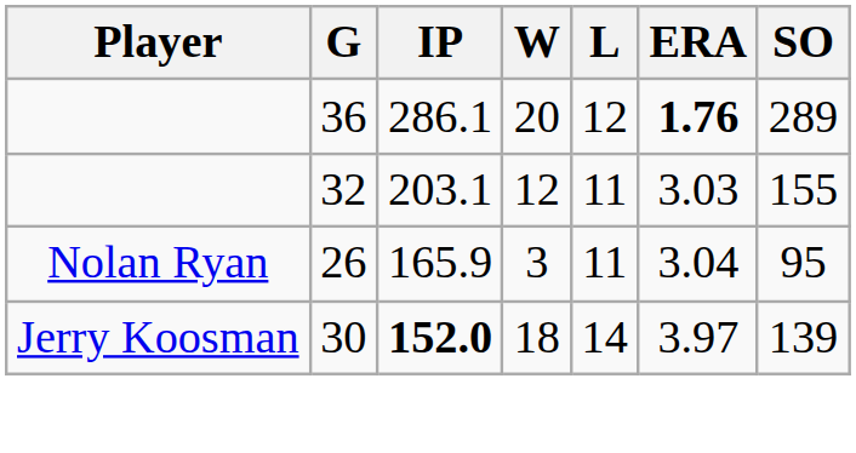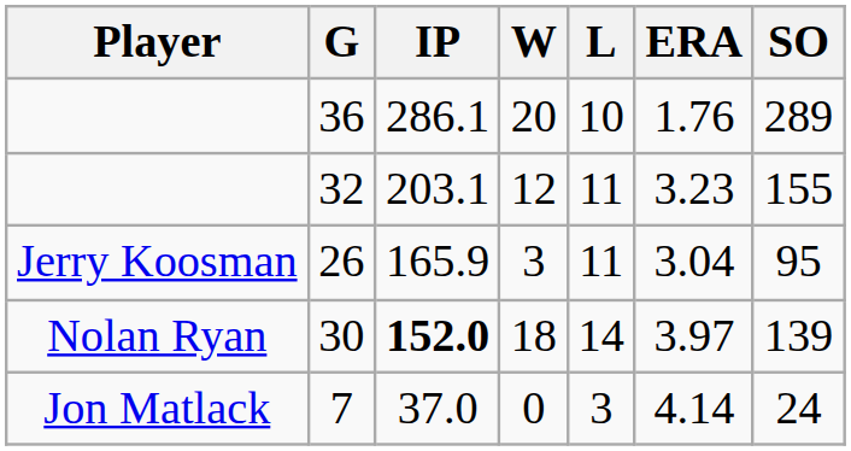 <table class="wikitable sortable">
 <tr>
 <th>Player</th>
 <th>G</th>
 <th>IP</th>
 <th>W</th>
 <th>L</th>
 <th>ERA</th>
 <th>SO</th>
 </tr>
 <tr align="center">
 <td></td>
 <td>36</td>
 <td>286.1</td>
 <td>20</td>
-<td>12</td>
-<td><strong>1.76</strong></td>
+<td>10</td>
+<td>1.76</td>
 <td>289</td>
 </tr>
 <tr align="center">
 <td></td>
 <td>32</td>
 <td>203.1</td>
 <td>12</td>
 <td>11</td>
-<td>3.03</td>
+<td>3.23</td>
 <td>155</td>
 </tr>
 <tr align="center">
-<td><a href='#'>Nolan Ryan</a></td>
+<td><a href='#'>Jerry Koosman</a></td>
 <td>26</td>
 <td>165.9</td>
 <td>3</td>
 <td>11</td>
 <td>3.04</td>
 <td>95</td>
 </tr>
 <tr align=center>
-<td><a href='#'>Jerry Koosman</a></td>
+<td><a href='#'>Nolan Ryan</a></td>
 <td>30</td>
 <td><strong>152.0</strong></td>
 <td>18</td>
 <td>14</td>
 <td>3.97</td>
 <td>139</td>
 </tr>
+<tr align=center>
+<td><a href='#'>Jon Matlack</a></td>
+<td>7</td>
+<td>37.0</td>
+<td>0</td>
+<td>3</td>
+<td>4.14</td>
+<td>24</td>
+</tr>
 </table>
